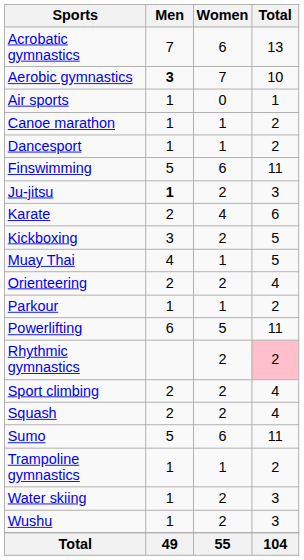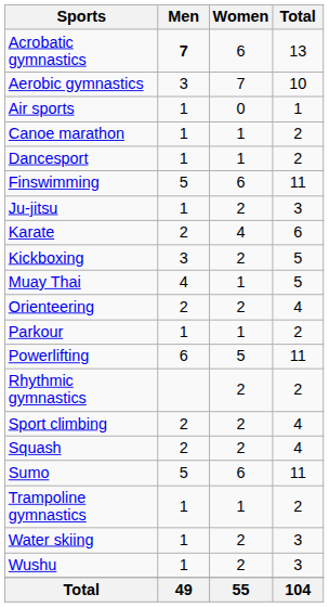 <table class="wikitable sortable" style="text-align:center;">
 <tr>
 <th width=150>Sports</th>
 <th width=45>Men</th>
 <th width=45>Women</th>
 <th width=45>Total</th>
 </tr>
 <tr>
 <td align=left><a href='#'>Acrobatic gymnastics</a></td>
-<td>7</td>
+<td><strong>7</strong></td>
 <td>6</td>
 <td>13</td>
 </tr>
 <tr>
 <td align=left><a href='#'>Aerobic gymnastics</a></td>
-<td><strong>3</strong></td>
+<td>3</td>
 <td>7</td>
 <td>10</td>
 </tr>
 <tr>
 <td align=left><a href='#'>Air sports</a></td>
 <td>1</td>
 <td>0</td>
 <td>1</td>
 </tr>
 <tr>
 <td align=left><a href='#'>Canoe marathon</a></td>
 <td>1</td>
 <td>1</td>
 <td>2</td>
 </tr>
 <tr>
 <td align=left><a href='#'>Dancesport</a></td>
 <td>1</td>
 <td>1</td>
 <td>2</td>
 </tr>
 <tr>
 <td align=left><a href='#'>Finswimming</a></td>
 <td>5</td>
 <td>6</td>
 <td>11</td>
 </tr>
 <tr>
 <td align=left><a href='#'>Ju-jitsu</a></td>
-<td><strong>1</strong></td>
+<td>1</td>
 <td>2</td>
 <td>3</td>
 </tr>
 <tr>
 <td align=left><a href='#'>Karate</a></td>
 <td>2</td>
 <td>4</td>
 <td>6</td>
 </tr>
 <tr>
 <td align=left><a href='#'>Kickboxing</a></td>
 <td>3</td>
 <td>2</td>
 <td>5</td>
 </tr>
 <tr>
 <td align=left><a href='#'>Muay Thai</a></td>
 <td>4</td>
 <td>1</td>
 <td>5</td>
 </tr>
 <tr>
 <td align=left><a href='#'>Orienteering</a></td>
 <td>2</td>
 <td>2</td>
 <td>4</td>
 </tr>
 <tr>
 <td align=left><a href='#'>Parkour</a></td>
 <td>1</td>
 <td>1</td>
 <td>2</td>
 </tr>
 <tr>
 <td align=left><a href='#'>Powerlifting</a></td>
 <td>6</td>
 <td>5</td>
 <td>11</td>
 </tr>
 <tr>
 <td align=left><a href='#'>Rhythmic gymnastics</a></td>
 <td></td>
 <td>2</td>
-<td style="background: pink;">2</td>
+<td>2</td>
 </tr>
 <tr>
 <td align=left><a href='#'>Sport climbing</a></td>
 <td>2</td>
 <td>2</td>
 <td>4</td>
 </tr>
 <tr>
 <td align=left><a href='#'>Squash</a></td>
 <td>2</td>
 <td>2</td>
 <td>4</td>
 </tr>
 <tr>
 <td align=left><a href='#'>Sumo</a></td>
 <td>5</td>
 <td>6</td>
 <td>11</td>
 </tr>
 <tr>
 <td align=left><a href='#'>Trampoline gymnastics</a></td>
 <td>1</td>
 <td>1</td>
 <td>2</td>
 </tr>
 <tr>
 <td align=left><a href='#'>Water skiing</a></td>
 <td>1</td>
 <td>2</td>
 <td>3</td>
 </tr>
 <tr>
 <td align=left><a href='#'>Wushu</a></td>
 <td>1</td>
 <td>2</td>
 <td>3</td>
 </tr>
 <tr>
 </tr>
 <tr class="sortbottom">
 <th>Total</th>
 <th>49</th>
 <th>55</th>
 <th>104</th>
 </tr>
 </table>
